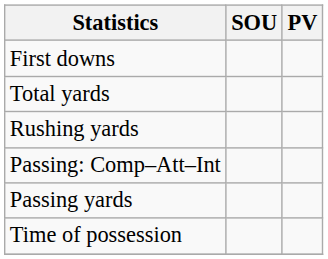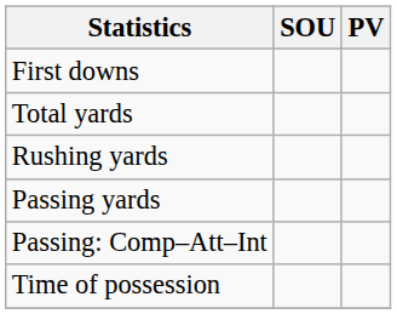 <table class="wikitable" style="float: left;">
 <tr>
 <th>Statistics</th>
 <th>SOU</th>
 <th>PV</th>
 </tr>
 <tr>
 <td>First downs</td>
 <td></td>
 <td></td>
 </tr>
 <tr>
 <td>Total yards</td>
 <td></td>
 <td></td>
 </tr>
 <tr>
 <td>Rushing yards</td>
 <td></td>
 <td></td>
 </tr>
 <tr>
-<td>Passing: Comp–Att–Int</td>
+<td>Passing yards</td>
 <td></td>
 <td></td>
 </tr>
 <tr>
-<td>Passing yards</td>
+<td>Passing: Comp–Att–Int</td>
 <td></td>
 <td></td>
 </tr>
 <tr>
 <td>Time of possession</td>
 <td></td>
 <td></td>
 </tr>
 <tr>
 </tr>
 </table>
